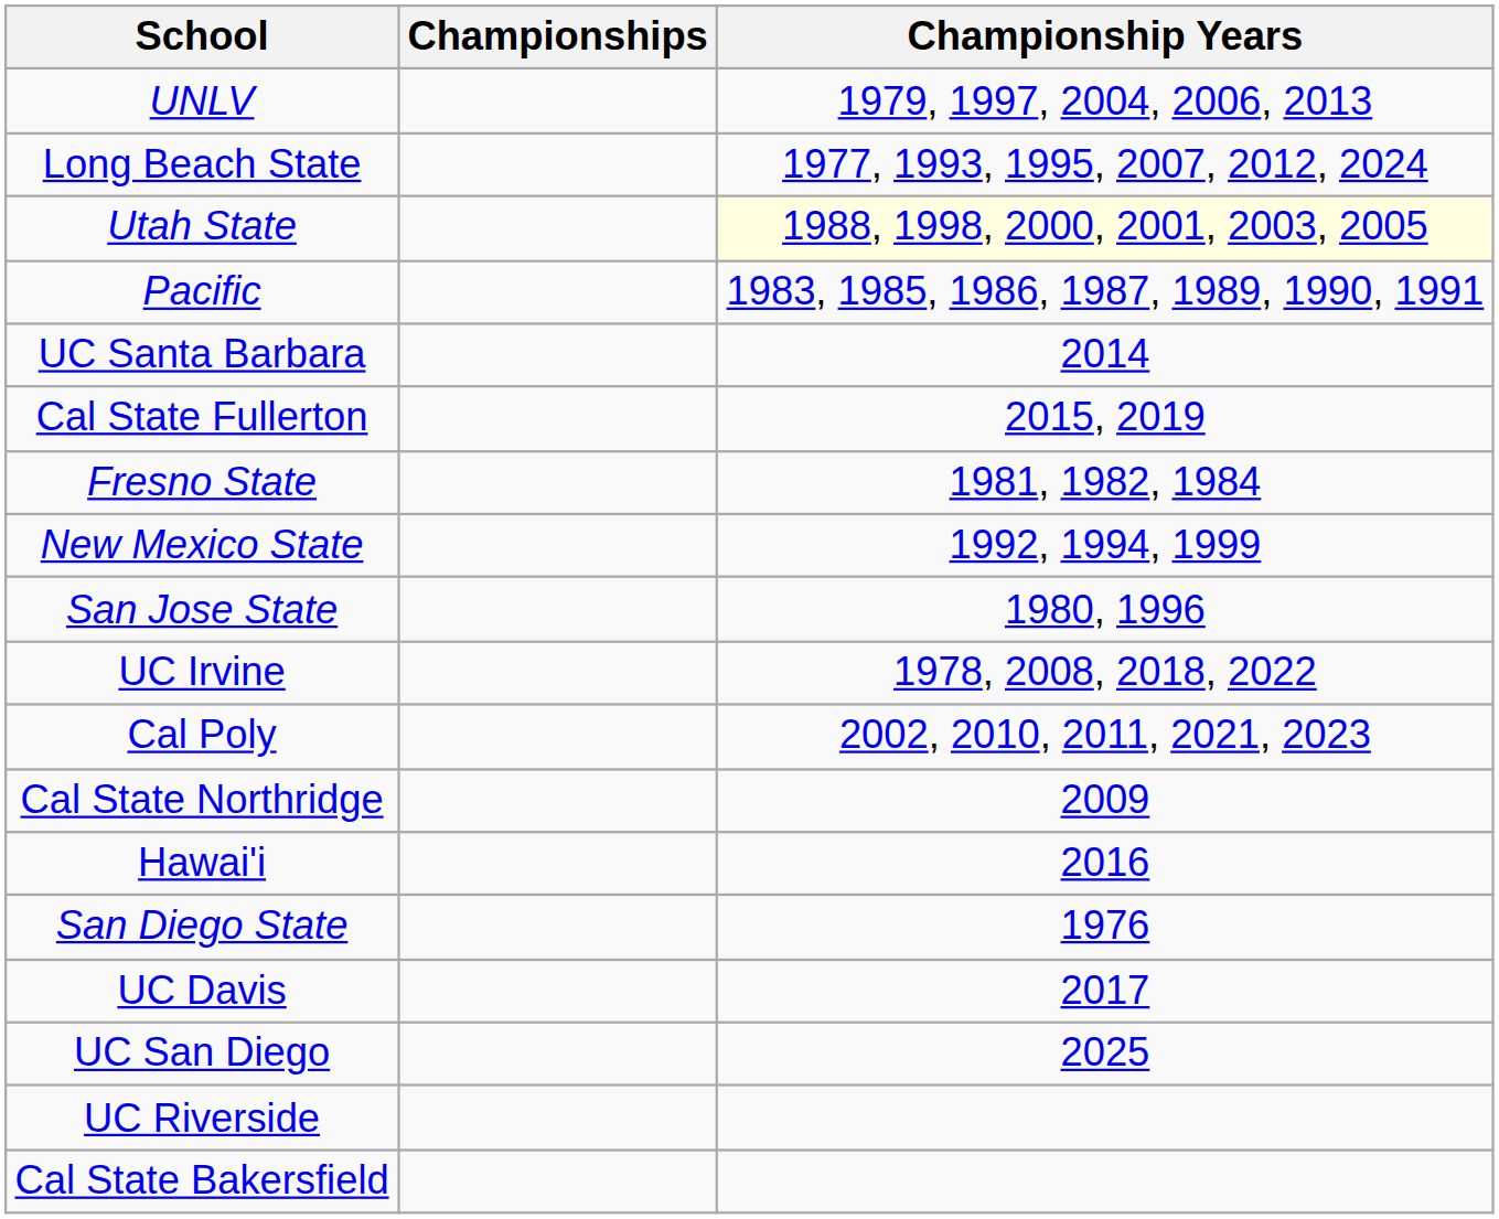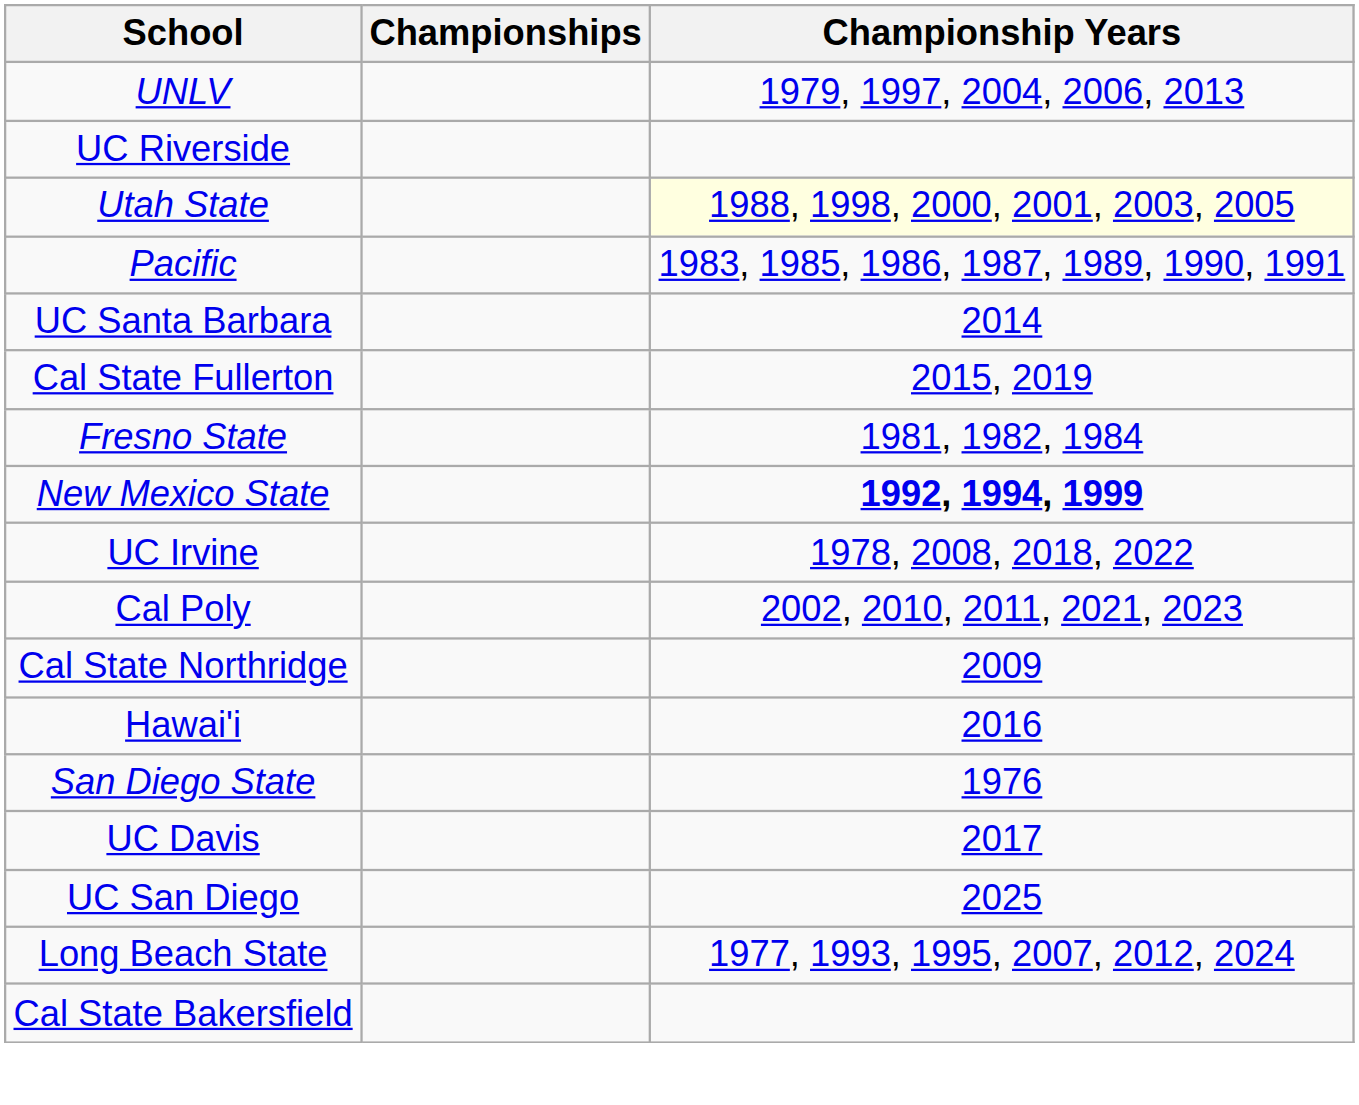 <table class="wikitable sortable" style="text-align:center">
 <tr>
 <th width=px>School</th>
 <th width=px>Championships</th>
 <th width=px>Championship Years</th>
 </tr>
 <tr>
 <td><em><a href='#'>UNLV</a></em></td>
 <td></td>
 <td><a href='#'>1979</a>, <a href='#'>1997</a>, <a href='#'>2004</a>, <a href='#'>2006</a>, <a href='#'>2013</a></td>
 </tr>
 <tr>
-<td><a href='#'>Long Beach State</a></td>
+<td><a href='#'>UC Riverside</a></td>
 <td></td>
-<td><a href='#'>1977</a>, <a href='#'>1993</a>, <a href='#'>1995</a>, <a href='#'>2007</a>, <a href='#'>2012</a>, <a href='#'>2024</a></td>
+<td></td>
 </tr>
 <tr>
 <td><em><a href='#'>Utah State</a></em></td>
 <td></td>
 <td style="background: lightyellow;"><a href='#'>1988</a>, <a href='#'>1998</a>, <a href='#'>2000</a>, <a href='#'>2001</a>, <a href='#'>2003</a>, <a href='#'>2005</a></td>
 </tr>
 <tr>
 <td><em><a href='#'>Pacific</a></em></td>
 <td></td>
 <td><a href='#'>1983</a>, <a href='#'>1985</a>, <a href='#'>1986</a>, <a href='#'>1987</a>, <a href='#'>1989</a>, <a href='#'>1990</a>, <a href='#'>1991</a></td>
 </tr>
 <tr>
 <td><a href='#'>UC Santa Barbara</a></td>
 <td></td>
 <td><a href='#'>2014</a></td>
 </tr>
 <tr>
 <td><a href='#'>Cal State Fullerton</a></td>
 <td></td>
 <td><a href='#'>2015</a>, <a href='#'>2019</a></td>
 </tr>
 <tr>
 <td><em><a href='#'>Fresno State</a></em></td>
 <td></td>
 <td><a href='#'>1981</a>, <a href='#'>1982</a>, <a href='#'>1984</a></td>
 </tr>
 <tr>
 <td><em><a href='#'>New Mexico State</a></em></td>
 <td></td>
-<td><a href='#'>1992</a>, <a href='#'>1994</a>, <a href='#'>1999</a></td>
-</tr>
-<tr>
-<td><em><a href='#'>San Jose State</a></em></td>
-<td></td>
-<td><a href='#'>1980</a>, <a href='#'>1996</a></td>
+<td><strong><a href='#'>1992</a>, <a href='#'>1994</a>, <a href='#'>1999</a></strong></td>
 </tr>
 <tr>
 <td><a href='#'>UC Irvine</a></td>
 <td></td>
 <td><a href='#'>1978</a>, <a href='#'>2008</a>, <a href='#'>2018</a>, <a href='#'>2022</a></td>
 </tr>
 <tr>
 <td><a href='#'>Cal Poly</a></td>
 <td></td>
 <td><a href='#'>2002</a>, <a href='#'>2010</a>, <a href='#'>2011</a>, <a href='#'>2021</a>, <a href='#'>2023</a></td>
 </tr>
 <tr>
 <td><a href='#'>Cal State Northridge</a></td>
 <td></td>
 <td><a href='#'>2009</a></td>
 </tr>
 <tr>
 <td><a href='#'>Hawai'i</a></td>
 <td></td>
 <td><a href='#'>2016</a></td>
 </tr>
 <tr>
 <td><em><a href='#'>San Diego State</a></em></td>
 <td></td>
 <td><a href='#'>1976</a></td>
 </tr>
 <tr>
 <td><a href='#'>UC Davis</a></td>
 <td></td>
 <td><a href='#'>2017</a></td>
 </tr>
 <tr>
 <td><a href='#'>UC San Diego</a></td>
 <td></td>
 <td><a href='#'>2025</a></td>
 </tr>
 <tr>
-<td><a href='#'>UC Riverside</a></td>
+<td><a href='#'>Long Beach State</a></td>
 <td></td>
-<td></td>
+<td><a href='#'>1977</a>, <a href='#'>1993</a>, <a href='#'>1995</a>, <a href='#'>2007</a>, <a href='#'>2012</a>, <a href='#'>2024</a></td>
 </tr>
 <tr>
 <td><a href='#'>Cal State Bakersfield</a></td>
 <td></td>
 <td></td>
 </tr>
 </table>
